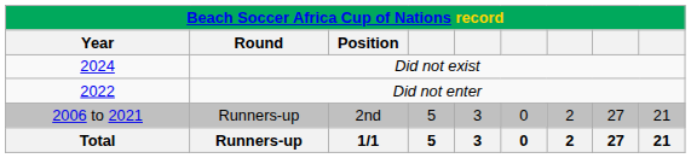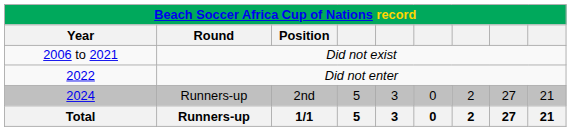 <table class="wikitable" style="font-size:90%; text-align:center; width:50%">
 <tr>
 <th colspan="9" style="background:#00A95C; color:#FFD700; "><a href='#'><span>Beach Soccer Africa Cup of Nations</span></a> record</th>
 </tr>
 <tr>
 <th width="20%">Year</th>
 <th width="15%">Round</th>
 <th width="5%">Position</th>
 <th width="5%"></th>
 <th width="5%"></th>
 <th width="5%"></th>
 <th width="5%"></th>
 <th width="5%"></th>
 <th width="5%"></th>
 </tr>
 <tr>
-<td> <a href='#'>2024</a></td>
+<td> <a href='#'>2006</a> to  <a href='#'>2021</a></td>
 <td colspan="8"><em>Did not exist</em></td>
 </tr>
 <tr>
 <td> <a href='#'>2022</a></td>
 <td colspan="8"><em>Did not enter</em></td>
 </tr>
 <tr bgcolor=silver>
-<td> <a href='#'>2006</a> to  <a href='#'>2021</a></td>
+<td> <a href='#'>2024</a></td>
 <td>Runners-up</td>
 <td>2nd</td>
 <td>5</td>
 <td>3</td>
 <td>0</td>
 <td>2</td>
 <td>27</td>
 <td>21</td>
 </tr>
 <tr>
 <th>Total</th>
 <th>Runners-up</th>
 <th>1/1</th>
 <th>5</th>
 <th>3</th>
 <th>0</th>
 <th>2</th>
 <th>27</th>
 <th>21</th>
 </tr>
 </table>
